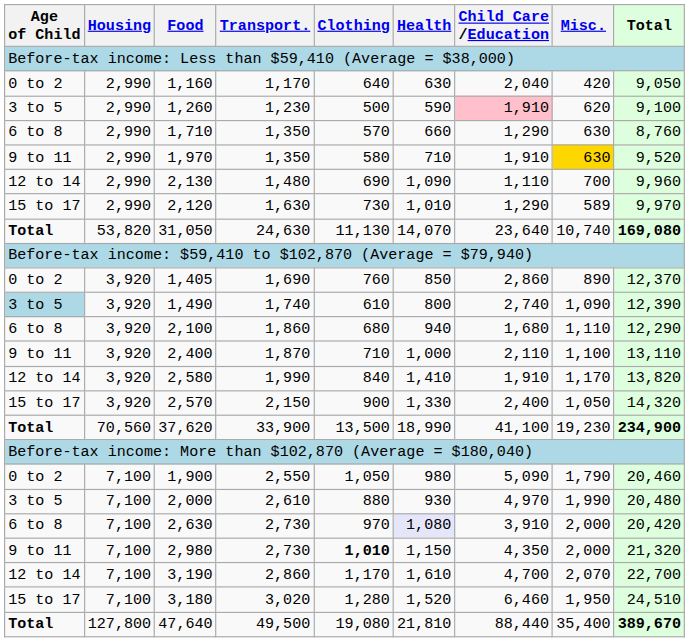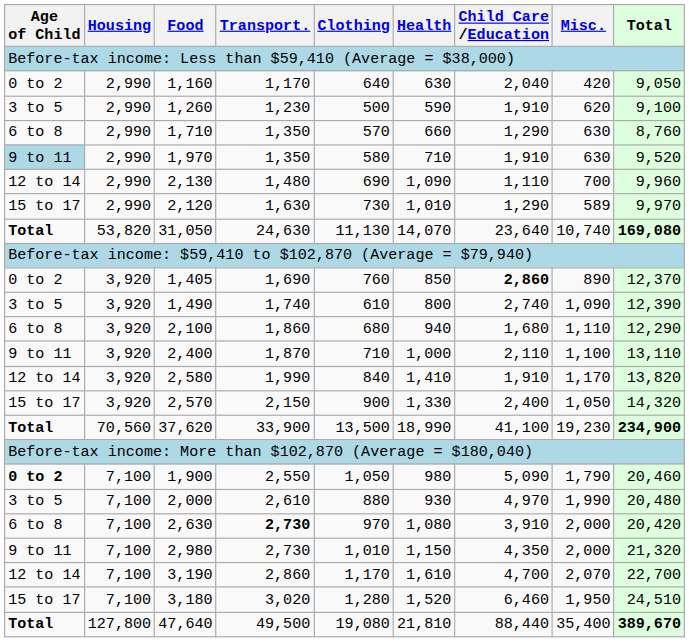 <table class="wikitable" style="text-align: right;">
 <tr>
 <th>Age<br>of Child</th>
 <th data-sort-type="number"><a href='#'>Housing</a></th>
 <th data-sort-type="number"><a href='#'>Food</a></th>
 <th data-sort-type="number"><a href='#'>Transport.</a></th>
 <th data-sort-type="number"><a href='#'>Clothing</a></th>
 <th data-sort-type="number"><a href='#'>Health</a></th>
 <th data-sort-type="number"><a href='#'>Child Care</a><br>/<a href='#'>Education</a></th>
 <th data-sort-type="number"><a href='#'>Misc.</a></th>
 <th data-sort-type="number" style="background-color: #dfd;">Total</th>
 </tr>
 <tr>
 <td colspan=9 style="background-color:lightblue;" align="left">Before-tax income: Less than $59,410 (Average = $38,000)</td>
 </tr>
 <tr>
 <td align="left">0 to 2</td>
 <td>2,990</td>
 <td>1,160</td>
 <td>1,170</td>
 <td>640</td>
 <td>630</td>
 <td>2,040</td>
 <td>420</td>
 <td style="background-color: #dfd;">9,050</td>
 </tr>
 <tr>
 <td align="left">3 to 5</td>
 <td>2,990</td>
 <td>1,260</td>
 <td>1,230</td>
 <td>500</td>
 <td>590</td>
-<td style="background: pink;">1,910</td>
+<td>1,910</td>
 <td>620</td>
 <td style="background-color: #dfd;">9,100</td>
 </tr>
 <tr>
 <td align="left">6 to 8</td>
 <td>2,990</td>
 <td>1,710</td>
 <td>1,350</td>
 <td>570</td>
 <td>660</td>
 <td>1,290</td>
 <td>630</td>
 <td style="background-color: #dfd;">8,760</td>
 </tr>
 <tr>
-<td align="left">9 to 11</td>
+<td align="left" style="background: lightblue;">9 to 11</td>
 <td>2,990</td>
 <td>1,970</td>
 <td>1,350</td>
 <td>580</td>
 <td>710</td>
 <td>1,910</td>
-<td style="background: gold;">630</td>
+<td>630</td>
 <td style="background-color: #dfd;">9,520</td>
 </tr>
 <tr>
 <td align="left">12 to 14</td>
 <td>2,990</td>
 <td>2,130</td>
 <td>1,480</td>
 <td>690</td>
 <td>1,090</td>
 <td>1,110</td>
 <td>700</td>
 <td style="background-color: #dfd;">9,960</td>
 </tr>
 <tr>
 <td align="left">15 to 17</td>
 <td>2,990</td>
 <td>2,120</td>
 <td>1,630</td>
 <td>730</td>
 <td>1,010</td>
 <td>1,290</td>
 <td>589</td>
 <td style="background-color: #dfd;">9,970</td>
 </tr>
 <tr>
 <td align="left"><strong>Total</strong></td>
 <td>53,820</td>
 <td>31,050</td>
 <td>24,630</td>
 <td>11,130</td>
 <td>14,070</td>
 <td>23,640</td>
 <td>10,740</td>
 <td style="background-color: #dfd;"><strong>169,080</strong></td>
 </tr>
 <tr>
 <td colspan=9 style="background-color:lightblue;" align="left">Before-tax income: $59,410 to $102,870 (Average = $79,940)</td>
 </tr>
 <tr>
 <td align="left">0 to 2</td>
 <td>3,920</td>
 <td>1,405</td>
 <td>1,690</td>
 <td>760</td>
 <td>850</td>
-<td>2,860</td>
+<td><strong>2,860</strong></td>
 <td>890</td>
 <td style="background-color: #dfd;">12,370</td>
 </tr>
 <tr>
-<td align="left" style="background: lightblue;">3 to 5</td>
+<td align="left">3 to 5</td>
 <td>3,920</td>
 <td>1,490</td>
 <td>1,740</td>
 <td>610</td>
 <td>800</td>
 <td>2,740</td>
 <td>1,090</td>
 <td style="background-color: #dfd;">12,390</td>
 </tr>
 <tr>
 <td align="left">6 to 8</td>
 <td>3,920</td>
 <td>2,100</td>
 <td>1,860</td>
 <td>680</td>
 <td>940</td>
 <td>1,680</td>
 <td>1,110</td>
 <td style="background-color: #dfd;">12,290</td>
 </tr>
 <tr>
 <td align="left">9 to 11</td>
 <td>3,920</td>
 <td>2,400</td>
 <td>1,870</td>
 <td>710</td>
 <td>1,000</td>
 <td>2,110</td>
 <td>1,100</td>
 <td style="background-color: #dfd;">13,110</td>
 </tr>
 <tr>
 <td align="left">12 to 14</td>
 <td>3,920</td>
 <td>2,580</td>
 <td>1,990</td>
 <td>840</td>
 <td>1,410</td>
 <td>1,910</td>
 <td>1,170</td>
 <td style="background-color: #dfd;">13,820</td>
 </tr>
 <tr>
 <td align="left">15 to 17</td>
 <td>3,920</td>
 <td>2,570</td>
 <td>2,150</td>
 <td>900</td>
 <td>1,330</td>
 <td>2,400</td>
 <td>1,050</td>
 <td style="background-color: #dfd;">14,320</td>
 </tr>
 <tr>
 <td align="left"><strong>Total</strong></td>
 <td>70,560</td>
 <td>37,620</td>
 <td>33,900</td>
 <td>13,500</td>
 <td>18,990</td>
 <td>41,100</td>
 <td>19,230</td>
 <td style="background-color: #dfd;"><strong>234,900</strong></td>
 </tr>
 <tr>
 <td colspan=9 style="background-color:lightblue;" align="left">Before-tax income: More than $102,870 (Average = $180,040)</td>
 </tr>
 <tr>
-<td align="left">0 to 2</td>
+<td align="left"><strong>0 to 2</strong></td>
 <td>7,100</td>
 <td>1,900</td>
 <td>2,550</td>
 <td>1,050</td>
 <td>980</td>
 <td>5,090</td>
 <td>1,790</td>
 <td style="background-color: #dfd;">20,460</td>
 </tr>
 <tr>
 <td align="left">3 to 5</td>
 <td>7,100</td>
 <td>2,000</td>
 <td>2,610</td>
 <td>880</td>
 <td>930</td>
 <td>4,970</td>
 <td>1,990</td>
 <td style="background-color: #dfd;">20,480</td>
 </tr>
 <tr>
 <td align="left">6 to 8</td>
 <td>7,100</td>
 <td>2,630</td>
-<td>2,730</td>
+<td><strong>2,730</strong></td>
 <td>970</td>
-<td style="background: lavender;">1,080</td>
+<td>1,080</td>
 <td>3,910</td>
 <td>2,000</td>
 <td style="background-color: #dfd;">20,420</td>
 </tr>
 <tr>
 <td align="left">9 to 11</td>
 <td>7,100</td>
 <td>2,980</td>
 <td>2,730</td>
-<td><strong>1,010</strong></td>
+<td>1,010</td>
 <td>1,150</td>
 <td>4,350</td>
 <td>2,000</td>
 <td style="background-color: #dfd;">21,320</td>
 </tr>
 <tr>
 <td align="left">12 to 14</td>
 <td>7,100</td>
 <td>3,190</td>
 <td>2,860</td>
 <td>1,170</td>
 <td>1,610</td>
 <td>4,700</td>
 <td>2,070</td>
 <td style="background-color: #dfd;">22,700</td>
 </tr>
 <tr>
 <td align="left">15 to 17</td>
 <td>7,100</td>
 <td>3,180</td>
 <td>3,020</td>
 <td>1,280</td>
 <td>1,520</td>
 <td>6,460</td>
 <td>1,950</td>
 <td style="background-color: #dfd;">24,510</td>
 </tr>
 <tr>
 <td align="left"><strong>Total</strong></td>
 <td>127,800</td>
 <td>47,640</td>
 <td>49,500</td>
 <td>19,080</td>
 <td>21,810</td>
 <td>88,440</td>
 <td>35,400</td>
 <td style="background-color: #dfd;"><strong>389,670</strong></td>
 </tr>
 </table>
